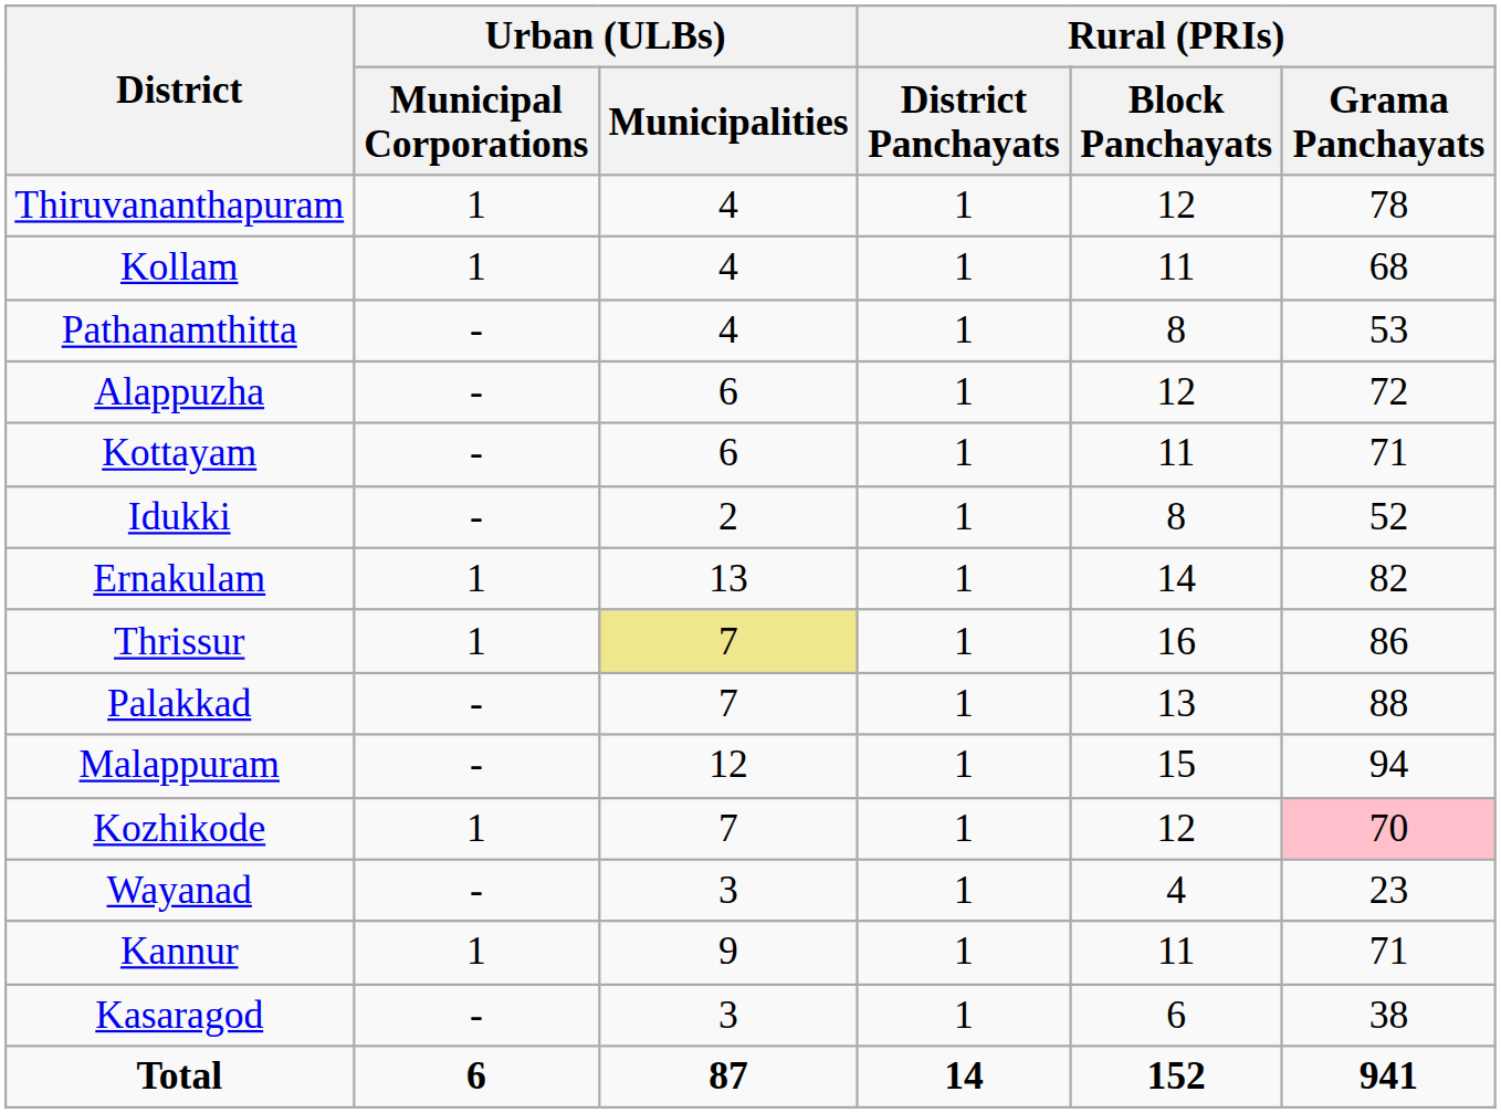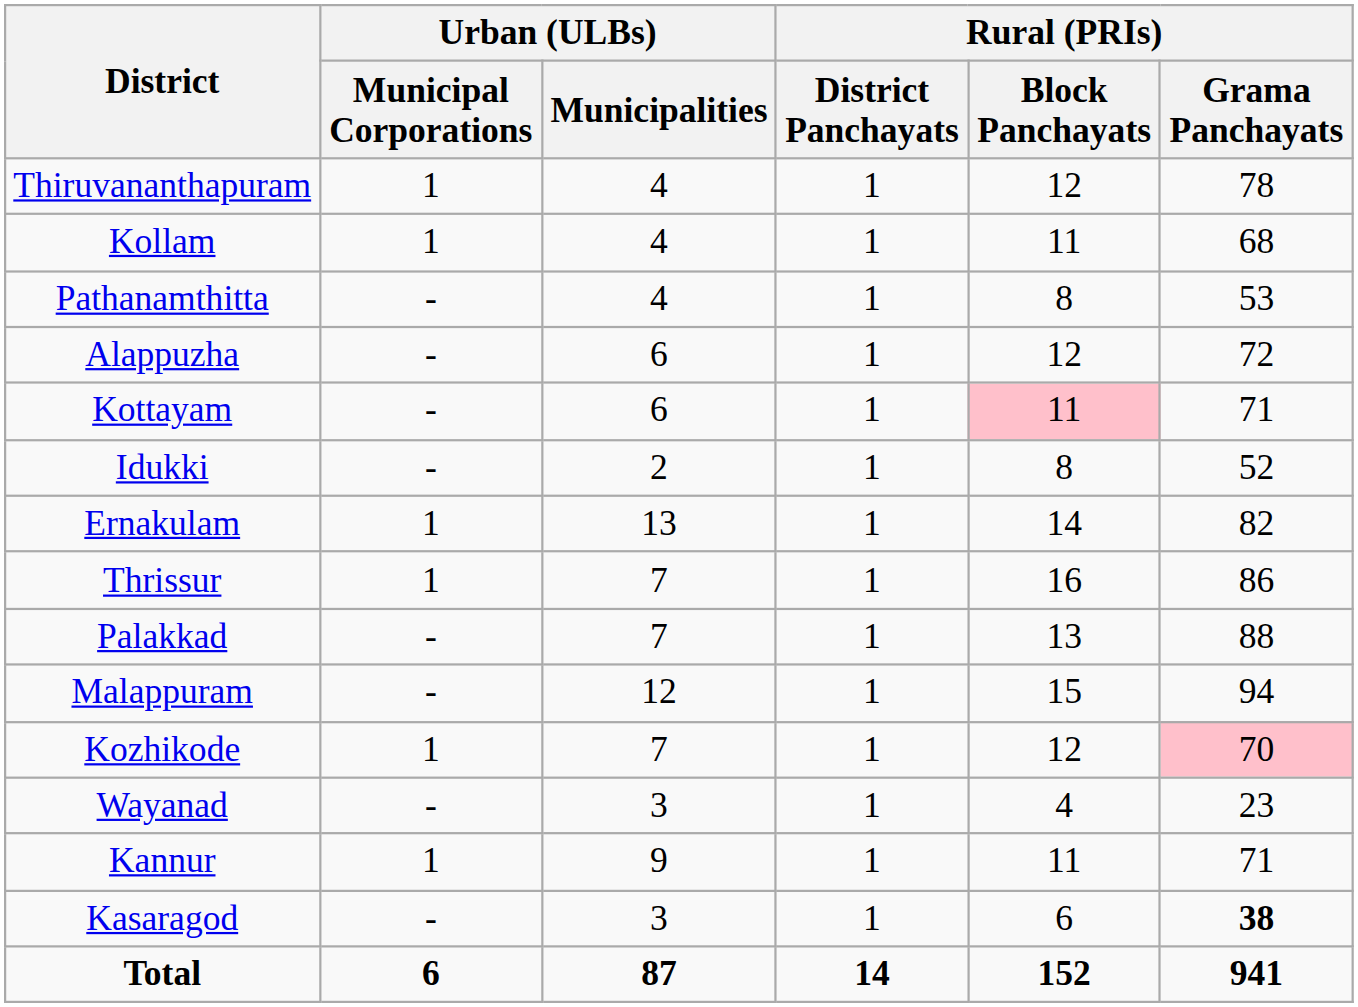 <table class="wikitable sortable" style="text-align:center">
 <tr>
 <th rowspan="2">District</th>
 <th colspan="2">Urban (ULBs)</th>
 <th colspan="3">Rural (PRIs)</th>
 </tr>
 <tr>
 <th>Municipal Corporations</th>
 <th>Municipalities</th>
 <th>District Panchayats</th>
 <th>Block Panchayats</th>
 <th>Grama Panchayats</th>
 </tr>
 <tr>
 <td><a href='#'>Thiruvananthapuram</a></td>
 <td>1</td>
 <td>4</td>
 <td>1</td>
 <td>12</td>
 <td>78</td>
 </tr>
 <tr>
 <td><a href='#'>Kollam</a></td>
 <td>1</td>
 <td>4</td>
 <td>1</td>
 <td>11</td>
 <td>68</td>
 </tr>
 <tr>
 <td><a href='#'>Pathanamthitta</a></td>
 <td>-</td>
 <td>4</td>
 <td>1</td>
 <td>8</td>
 <td>53</td>
 </tr>
 <tr>
 <td><a href='#'>Alappuzha</a></td>
 <td>-</td>
 <td>6</td>
 <td>1</td>
 <td>12</td>
 <td>72</td>
 </tr>
 <tr>
 <td><a href='#'>Kottayam</a></td>
 <td>-</td>
 <td>6</td>
 <td>1</td>
-<td>11</td>
+<td style="background: pink;">11</td>
 <td>71</td>
 </tr>
 <tr>
 <td><a href='#'>Idukki</a></td>
 <td>-</td>
 <td>2</td>
 <td>1</td>
 <td>8</td>
 <td>52</td>
 </tr>
 <tr>
 <td><a href='#'>Ernakulam</a></td>
 <td>1</td>
 <td>13</td>
 <td>1</td>
 <td>14</td>
 <td>82</td>
 </tr>
 <tr>
 <td><a href='#'>Thrissur</a></td>
 <td>1</td>
-<td style="background: khaki;">7</td>
+<td>7</td>
 <td>1</td>
 <td>16</td>
 <td>86</td>
 </tr>
 <tr>
 <td><a href='#'>Palakkad</a></td>
 <td>-</td>
 <td>7</td>
 <td>1</td>
 <td>13</td>
 <td>88</td>
 </tr>
 <tr>
 <td><a href='#'>Malappuram</a></td>
 <td>-</td>
 <td>12</td>
 <td>1</td>
 <td>15</td>
 <td>94</td>
 </tr>
 <tr>
 <td><a href='#'>Kozhikode</a></td>
 <td>1</td>
 <td>7</td>
 <td>1</td>
 <td>12</td>
 <td style="background: pink;">70</td>
 </tr>
 <tr>
 <td><a href='#'>Wayanad</a></td>
 <td>-</td>
 <td>3</td>
 <td>1</td>
 <td>4</td>
 <td>23</td>
 </tr>
 <tr>
 <td><a href='#'>Kannur</a></td>
 <td>1</td>
 <td>9</td>
 <td>1</td>
 <td>11</td>
 <td>71</td>
 </tr>
 <tr>
 <td><a href='#'>Kasaragod</a></td>
 <td>-</td>
 <td>3</td>
 <td>1</td>
 <td>6</td>
-<td>38</td>
+<td><strong>38</strong></td>
 </tr>
 <tr>
 <td><strong>Total</strong></td>
 <td><strong>6</strong></td>
 <td><strong>87</strong></td>
 <td><strong>14</strong></td>
 <td><strong>152</strong></td>
 <td><strong>941</strong></td>
 </tr>
 </table>
